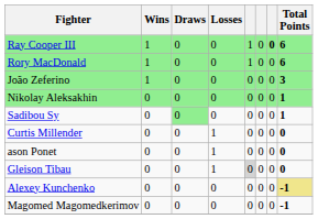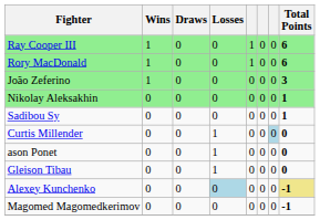 <table class="wikitable sortable">
 <tr>
 <th>Fighter</th>
 <th>Wins</th>
 <th>Draws</th>
 <th>Losses</th>
 <th></th>
 <th></th>
 <th></th>
 <th>Total<br> Points</th>
 </tr>
 <tr style="background:#90EE90;">
 <td><a href='#'>Ray Cooper III</a></td>
 <td>1</td>
 <td>0</td>
 <td>0</td>
 <td>1</td>
 <td>0</td>
-<td><strong>0</strong></td>
+<td>0</td>
 <td><strong>6</strong></td>
 </tr>
 <tr style="background:#90EE90;">
 <td><a href='#'>Rory MacDonald</a></td>
 <td>1</td>
 <td>0</td>
 <td>0</td>
 <td>1</td>
 <td>0</td>
 <td>0</td>
 <td><strong>6</strong></td>
 </tr>
 <tr style="background:#90EE90;">
 <td>João Zeferino</td>
 <td>1</td>
 <td>0</td>
 <td>0</td>
 <td>0</td>
 <td>0</td>
 <td>0</td>
 <td><strong>3</strong></td>
 </tr>
 <tr style="background:#90EE90;">
 <td>Nikolay Aleksakhin</td>
 <td>0</td>
 <td>0</td>
 <td>0</td>
 <td>0</td>
 <td>0</td>
 <td>0</td>
 <td><strong>1</strong></td>
 </tr>
 <tr>
 <td><a href='#'>Sadibou Sy</a></td>
 <td>0</td>
-<td style="background: lightgreen;">0</td>
+<td>0</td>
 <td>0</td>
 <td>0</td>
 <td>0</td>
 <td>0</td>
 <td><strong>1</strong></td>
 </tr>
 <tr>
 <td><a href='#'>Curtis Millender</a></td>
 <td>0</td>
 <td>0</td>
 <td>1</td>
 <td>0</td>
 <td>0</td>
-<td>0</td>
+<td style="background: lightblue;">0</td>
 <td><strong>0</strong></td>
 </tr>
 <tr>
 <td>ason Ponet</td>
 <td>0</td>
 <td>0</td>
 <td>1</td>
 <td>0</td>
 <td>0</td>
 <td>0</td>
 <td><strong>0</strong></td>
 </tr>
 <tr>
 <td><a href='#'>Gleison Tibau</a></td>
 <td>0</td>
 <td>0</td>
 <td>1</td>
-<td style="background: lightgrey;">0</td>
+<td>0</td>
 <td>0</td>
 <td>0</td>
 <td><strong>0</strong></td>
 </tr>
 <tr>
 <td><a href='#'>Alexey Kunchenko</a></td>
 <td>0</td>
 <td>0</td>
-<td>0</td>
+<td style="background: lightblue;">0</td>
 <td>0</td>
 <td>0</td>
 <td>0</td>
 <td style="background: khaki;"><strong>-1</strong></td>
 </tr>
 <tr>
 <td>Magomed Magomedkerimov</td>
 <td>0</td>
 <td>0</td>
 <td>0</td>
 <td>0</td>
 <td>0</td>
 <td>0</td>
 <td><strong>-1</strong></td>
 </tr>
 <tr>
 </tr>
 </table>
